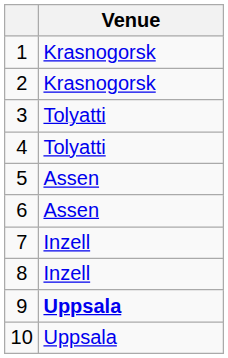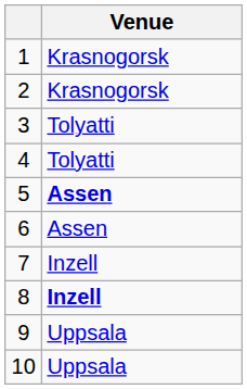 <table class="wikitable">
 <tr align=center>
 <th width=20px></th>
 <th width=140px>Venue</th>
 </tr>
 <tr>
 <td align=center>1</td>
 <td> <a href='#'>Krasnogorsk</a></td>
 </tr>
 <tr>
 <td align=center>2</td>
 <td> <a href='#'>Krasnogorsk</a></td>
 </tr>
 <tr>
 <td align=center>3</td>
 <td> <a href='#'>Tolyatti</a></td>
 </tr>
 <tr>
 <td align=center>4</td>
 <td> <a href='#'>Tolyatti</a></td>
 </tr>
 <tr>
 <td align=center>5</td>
-<td> <a href='#'>Assen</a></td>
+<td><strong> <a href='#'>Assen</a></strong></td>
 </tr>
 <tr>
 <td align=center>6</td>
 <td> <a href='#'>Assen</a></td>
 </tr>
 <tr>
 <td align=center>7</td>
 <td> <a href='#'>Inzell</a></td>
 </tr>
 <tr>
 <td align=center>8</td>
-<td> <a href='#'>Inzell</a></td>
+<td><strong> <a href='#'>Inzell</a></strong></td>
 </tr>
 <tr>
 <td align=center>9</td>
-<td><strong> <a href='#'>Uppsala</a></strong></td>
+<td> <a href='#'>Uppsala</a></td>
 </tr>
 <tr>
 <td align=center>10</td>
 <td> <a href='#'>Uppsala</a></td>
 </tr>
 </table>
